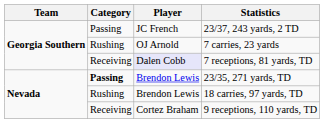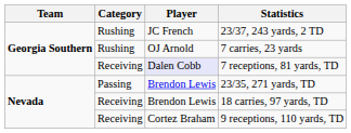 <table class="wikitable" style="float: right;">
 <tr>
 <th>Team</th>
 <th>Category</th>
 <th>Player</th>
 <th>Statistics</th>
 </tr>
 <tr>
 <td rowspan=3><strong>Georgia Southern</strong></td>
-<td>Passing</td>
+<td>Rushing</td>
 <td>JC French</td>
 <td>23/37, 243 yards, 2 TD</td>
 </tr>
 <tr>
 <td>Rushing</td>
 <td>OJ Arnold</td>
 <td>7 carries, 23 yards</td>
 </tr>
 <tr>
 <td>Receiving</td>
 <td style="background: lavender;">Dalen Cobb</td>
 <td>7 receptions, 81 yards, TD</td>
 </tr>
 <tr>
 <td rowspan=3><strong>Nevada</strong></td>
-<td><strong>Passing</strong></td>
+<td>Passing</td>
 <td><a href='#'>Brendon Lewis</a></td>
 <td>23/35, 271 yards, TD</td>
 </tr>
 <tr>
-<td>Rushing</td>
+<td>Receiving</td>
 <td>Brendon Lewis</td>
 <td>18 carries, 97 yards, TD</td>
 </tr>
 <tr>
 <td>Receiving</td>
 <td>Cortez Braham</td>
 <td>9 receptions, 110 yards, TD</td>
 </tr>
 </table>
